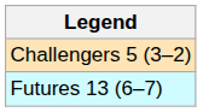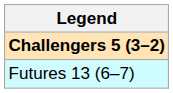 <table class=wikitable style=font-size:97%>
 <tr>
 <th>Legend</th>
 </tr>
 <tr style="background:moccasin;">
-<td>Challengers 5 (3–2)</td>
+<td><strong>Challengers 5 (3–2)</strong></td>
 </tr>
 <tr style="background:#cffcff;">
 <td>Futures 13 (6–7)</td>
 </tr>
 </table>
